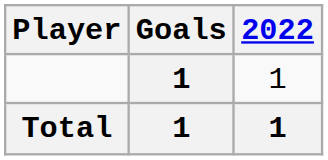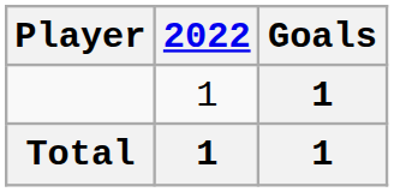 <table class="wikitable sortable" style="text-align:center;">
 <tr>
 <th>Player</th>
+<th><a href='#'>2022</a></th>
 <th>Goals</th>
-<th><a href='#'>2022</a></th>
 </tr>
 <tr>
 <td align="left"></td>
+<td>1</td>
 <th>1</th>
-<td>1</td>
 </tr>
 <tr class="sortbottom">
 <th>Total</th>
 <th>1</th>
 <th>1</th>
 </tr>
 </table>
